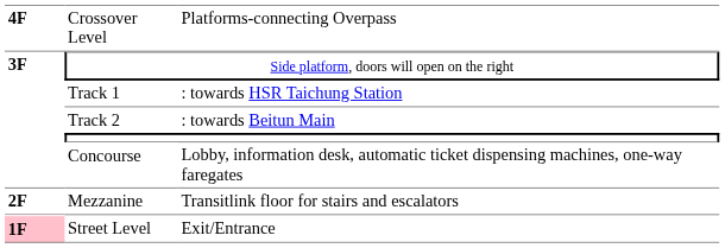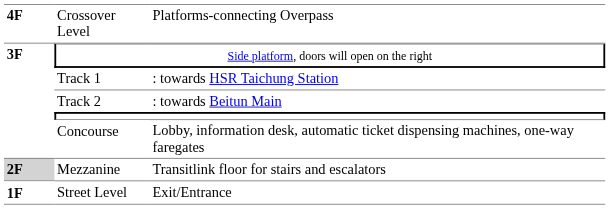 <table table border=0 cellspacing=0 cellpadding=3>
 <tr>
 <td style="border-bottom:solid 1px gray;border-top:solid 1px gray;" width=50 valign=top><strong>4F</strong></td>
 <td style="border-top:solid 1px gray;border-bottom:solid 1px gray;" width=100 valign=top>Crossover Level</td>
 <td style="border-top:solid 1px gray;border-bottom:solid 1px gray;" width=500 valign=top>Platforms-connecting Overpass</td>
 </tr>
 <tr>
 <td width=50 rowspan=7 valign=top><strong>3F</strong></td>
 </tr>
 <tr>
 <td style="border-right:solid 2px black;border-left:solid 2px black;border-bottom:solid 2px black;border-top:solid 1px gray;text-align:center;" colspan=2><small><a href='#'>Side platform</a>, doors will open on the right</small></td>
 </tr>
 <tr>
 <td style="border-bottom:solid 1px gray;" width=100><span>Track 1</span></td>
 <td style="border-bottom:solid 1px gray;" width=390>  : towards <a href='#'>HSR Taichung Station</a> </td>
 </tr>
 <tr>
 <td style="border-bottom:solid 0px gray;" width=100><span>Track 2</span></td>
 <td style="border-bottom:solid 0px gray;" width=390>  : towards <a href='#'>Beitun Main</a> </td>
 </tr>
 <tr>
 <td style="border-top:solid 2px black;border-right:solid 2px black;border-left:solid 2px black;border-bottom:solid 1px gray;" colspan=2 align=center></td>
 </tr>
 <tr>
 <td style="border-top:solid 1px white;" rowspan=2 valign=top>Concourse</td>
 </tr>
 <tr>
 <td>Lobby, information desk, automatic ticket dispensing machines, one-way faregates</td>
 </tr>
 <tr>
-<td style="border-bottom:solid 1px gray;border-top:solid 1px gray;" width=50 valign=top><strong>2F</strong></td>
+<td style="background: lightgrey; border-bottom:solid 1px gray;border-top:solid 1px gray;" width=50 valign=top><strong>2F</strong></td>
 <td style="border-top:solid 1px gray;border-bottom:solid 1px gray;" width=100 valign=top>Mezzanine</td>
 <td style="border-top:solid 1px gray;border-bottom:solid 1px gray;" width=400 valign=top>Transitlink floor for stairs and escalators</td>
 </tr>
 <tr>
-<td style="background: pink; border-bottom:solid 1px gray;border-top:solid 1px white;" width=50 valign=top><strong>1F</strong></td>
+<td style="border-bottom:solid 1px gray;border-top:solid 1px white;" width=50 valign=top><strong>1F</strong></td>
 <td style="border-top:solid 0px gray;border-bottom:solid 1px gray;" width=100 valign=top>Street Level</td>
 <td style="border-top:solid 0px gray;border-bottom:solid 1px gray;" width=400 valign=top>Exit/Entrance</td>
 </tr>
 <tr>
 </tr>
 </table>
